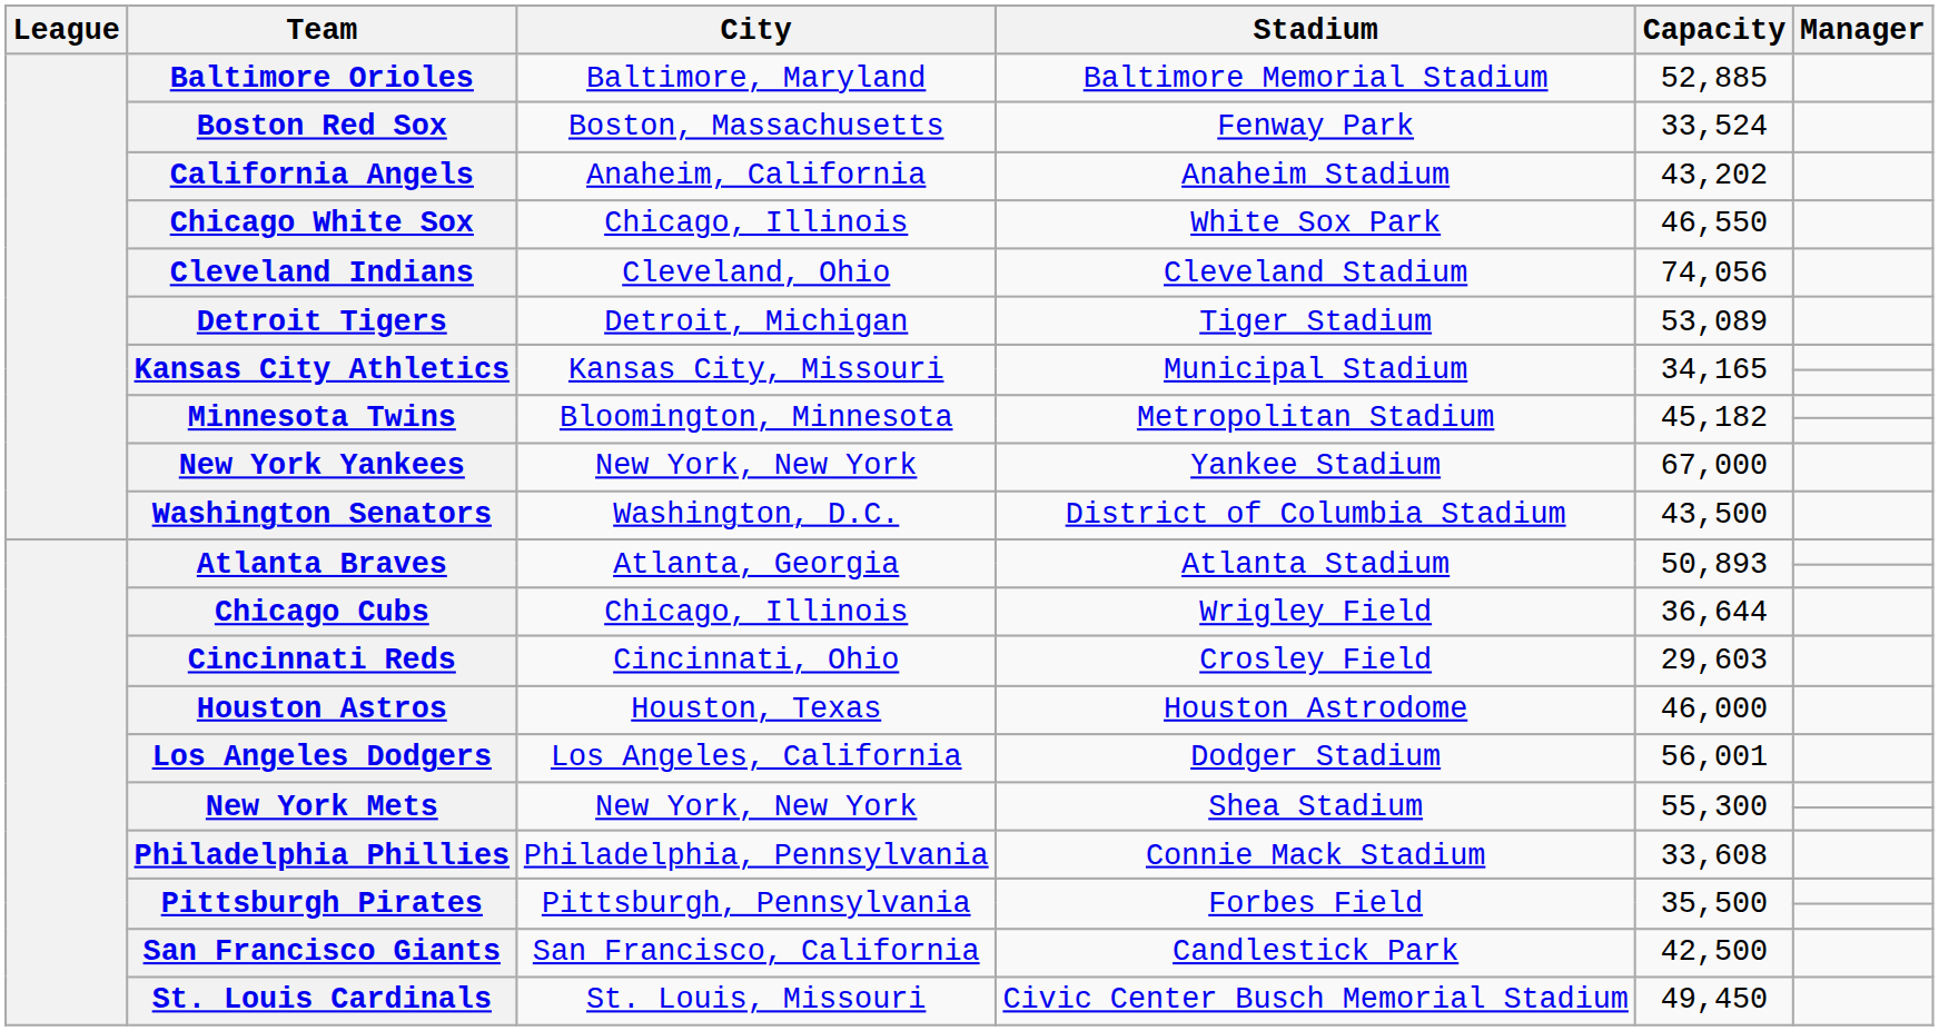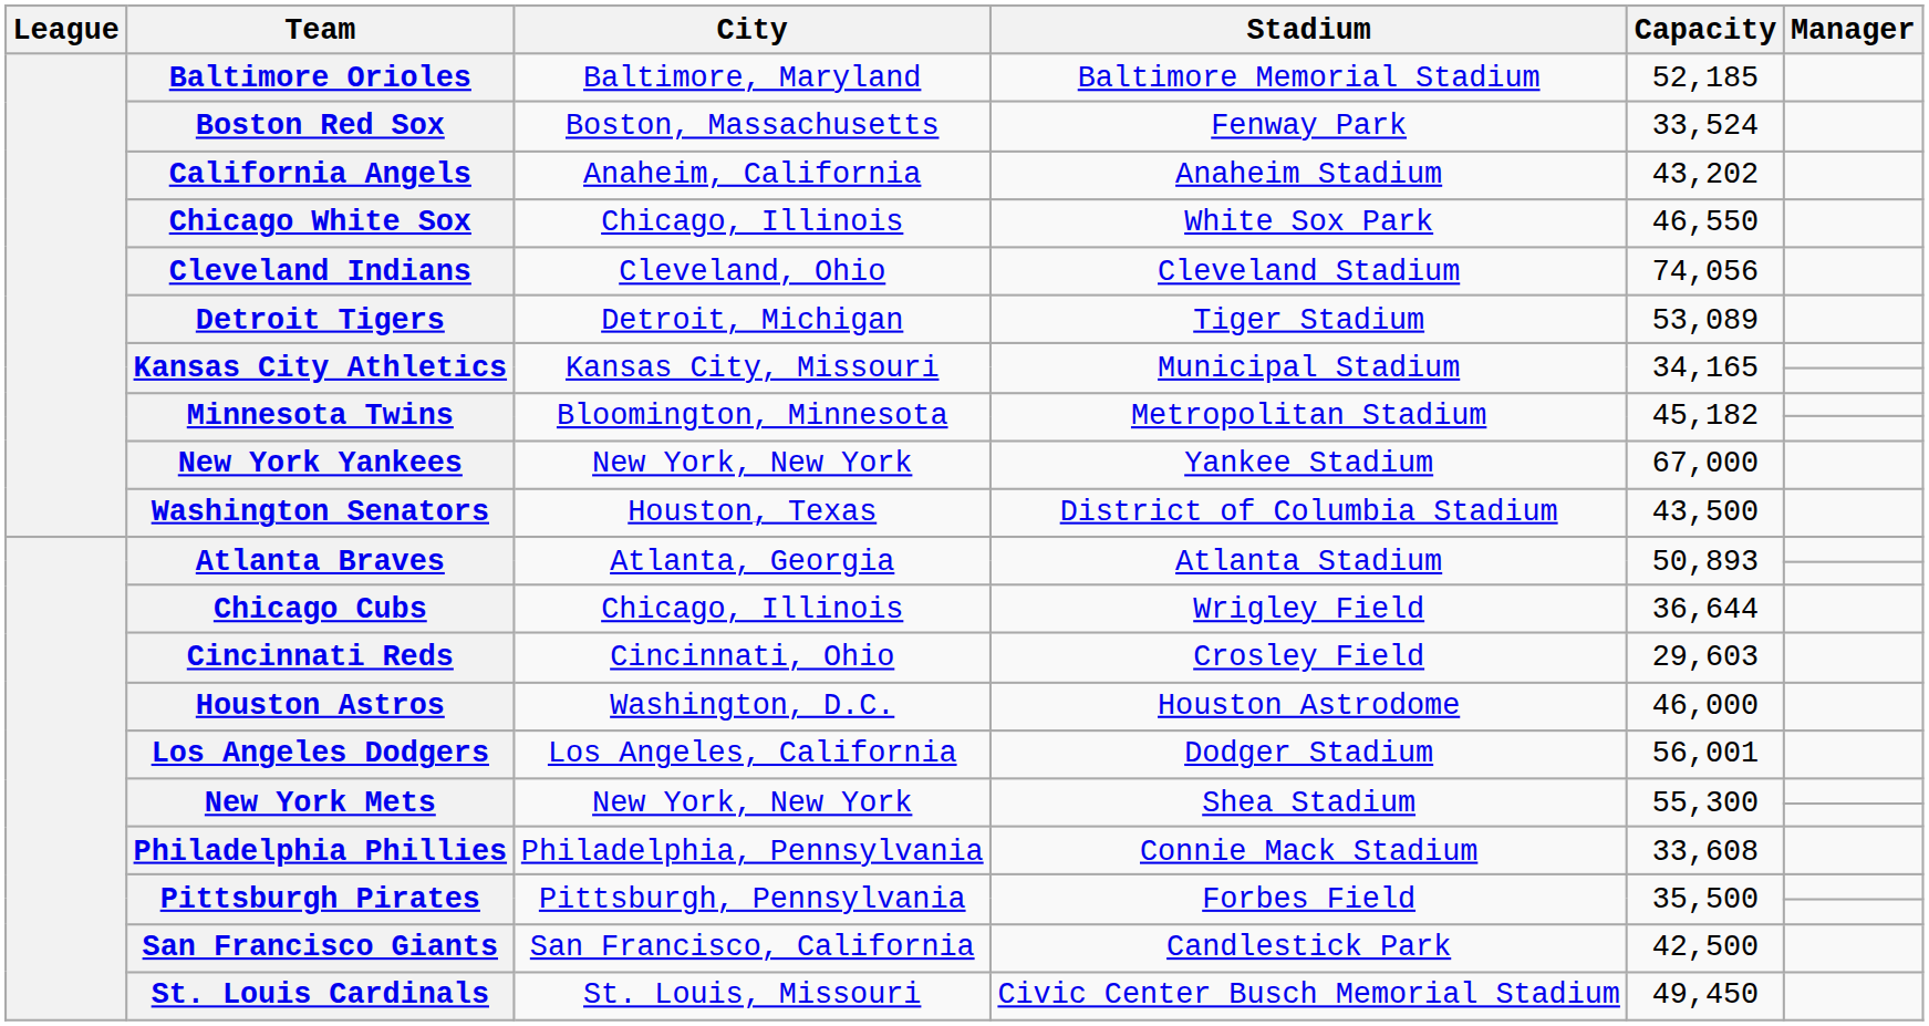 <table class="wikitable sortable plainrowheaders" style="text-align:center;">
 <tr>
 <th scope="col">League</th>
 <th scope="col">Team</th>
 <th scope="col">City</th>
 <th scope="col">Stadium</th>
 <th scope="col">Capacity</th>
 <th scope="col">Manager</th>
 </tr>
 <tr>
 <th rowspan="12"></th>
 <th scope="row"><a href='#'>Baltimore Orioles</a></th>
 <td><a href='#'>Baltimore, Maryland</a></td>
 <td><a href='#'>Baltimore Memorial Stadium</a></td>
-<td>52,885</td>
+<td>52,185</td>
 <td></td>
 </tr>
 <tr>
 <th scope="row"><a href='#'>Boston Red Sox</a></th>
 <td><a href='#'>Boston, Massachusetts</a></td>
 <td><a href='#'>Fenway Park</a></td>
 <td>33,524</td>
 <td></td>
 </tr>
 <tr>
 <th scope="row"><a href='#'>California Angels</a></th>
 <td><a href='#'>Anaheim, California</a></td>
 <td><a href='#'>Anaheim Stadium</a></td>
 <td>43,202</td>
 <td></td>
 </tr>
 <tr>
 <th scope="row"><a href='#'>Chicago White Sox</a></th>
 <td><a href='#'>Chicago, Illinois</a></td>
 <td><a href='#'>White Sox Park</a></td>
 <td>46,550</td>
 <td></td>
 </tr>
 <tr>
 <th scope="row"><a href='#'>Cleveland Indians</a></th>
 <td><a href='#'>Cleveland, Ohio</a></td>
 <td><a href='#'>Cleveland Stadium</a></td>
 <td>74,056</td>
 <td></td>
 </tr>
 <tr>
 <th scope="row"><a href='#'>Detroit Tigers</a></th>
 <td><a href='#'>Detroit, Michigan</a></td>
 <td><a href='#'>Tiger Stadium</a></td>
 <td>53,089</td>
 <td></td>
 </tr>
 <tr>
 <th rowspan="2" scope="row"><a href='#'>Kansas City Athletics</a></th>
 <td rowspan="2"><a href='#'>Kansas City, Missouri</a></td>
 <td rowspan="2"><a href='#'>Municipal Stadium</a></td>
 <td rowspan="2">34,165</td>
 <td></td>
 </tr>
 <tr>
 <td></td>
 </tr>
 <tr>
 <th rowspan="2" scope="row"><a href='#'>Minnesota Twins</a></th>
 <td rowspan="2"><a href='#'>Bloomington, Minnesota</a></td>
 <td rowspan="2"><a href='#'>Metropolitan Stadium</a></td>
 <td rowspan="2">45,182</td>
 <td></td>
 </tr>
 <tr>
 <td></td>
 </tr>
 <tr>
 <th scope="row"><a href='#'>New York Yankees</a></th>
 <td><a href='#'>New York, New York</a></td>
 <td><a href='#'>Yankee Stadium</a></td>
 <td>67,000</td>
 <td></td>
 </tr>
 <tr>
 <th scope="row"><a href='#'>Washington Senators</a></th>
-<td><a href='#'>Washington, D.C.</a></td>
+<td><a href='#'>Houston, Texas</a></td>
 <td><a href='#'>District of Columbia Stadium</a></td>
 <td>43,500</td>
 <td></td>
 </tr>
 <tr>
 <th rowspan="13"></th>
 <th rowspan="2" scope="row"><a href='#'>Atlanta Braves</a></th>
 <td rowspan="2"><a href='#'>Atlanta, Georgia</a></td>
 <td rowspan="2"><a href='#'>Atlanta Stadium</a></td>
 <td rowspan="2">50,893</td>
 <td></td>
 </tr>
 <tr>
 <td></td>
 </tr>
 <tr>
 <th scope="row"><a href='#'>Chicago Cubs</a></th>
 <td><a href='#'>Chicago, Illinois</a></td>
 <td><a href='#'>Wrigley Field</a></td>
 <td>36,644</td>
 <td></td>
 </tr>
 <tr>
 <th scope="row"><a href='#'>Cincinnati Reds</a></th>
 <td><a href='#'>Cincinnati, Ohio</a></td>
 <td><a href='#'>Crosley Field</a></td>
 <td>29,603</td>
 <td></td>
 </tr>
 <tr>
 <th scope="row"><a href='#'>Houston Astros</a></th>
-<td><a href='#'>Houston, Texas</a></td>
+<td><a href='#'>Washington, D.C.</a></td>
 <td><a href='#'>Houston Astrodome</a></td>
 <td>46,000</td>
 <td></td>
 </tr>
 <tr>
 <th scope="row"><a href='#'>Los Angeles Dodgers</a></th>
 <td><a href='#'>Los Angeles, California</a></td>
 <td><a href='#'>Dodger Stadium</a></td>
 <td>56,001</td>
 <td></td>
 </tr>
 <tr>
 <th rowspan="2" scope="row"><a href='#'>New York Mets</a></th>
 <td rowspan="2"><a href='#'>New York, New York</a></td>
 <td rowspan="2"><a href='#'>Shea Stadium</a></td>
 <td rowspan="2">55,300</td>
 <td></td>
 </tr>
 <tr>
 <td></td>
 </tr>
 <tr>
 <th scope="row"><a href='#'>Philadelphia Phillies</a></th>
 <td><a href='#'>Philadelphia, Pennsylvania</a></td>
 <td><a href='#'>Connie Mack Stadium</a></td>
 <td>33,608</td>
 <td></td>
 </tr>
 <tr>
 <th rowspan="2" scope="row"><a href='#'>Pittsburgh Pirates</a></th>
 <td rowspan="2"><a href='#'>Pittsburgh, Pennsylvania</a></td>
 <td rowspan="2"><a href='#'>Forbes Field</a></td>
 <td rowspan="2">35,500</td>
 <td></td>
 </tr>
 <tr>
 <td></td>
 </tr>
 <tr>
 <th scope="row"><a href='#'>San Francisco Giants</a></th>
 <td><a href='#'>San Francisco, California</a></td>
 <td><a href='#'>Candlestick Park</a></td>
 <td>42,500</td>
 <td></td>
 </tr>
 <tr>
 <th scope="row"><a href='#'>St. Louis Cardinals</a></th>
 <td><a href='#'>St. Louis, Missouri</a></td>
 <td><a href='#'>Civic Center Busch Memorial Stadium</a></td>
 <td>49,450</td>
 <td></td>
 </tr>
 </table>
